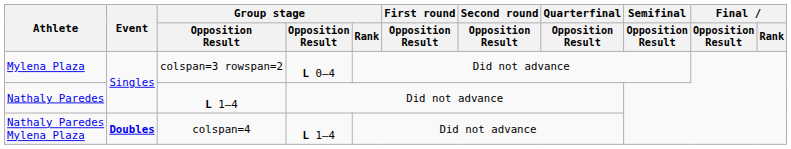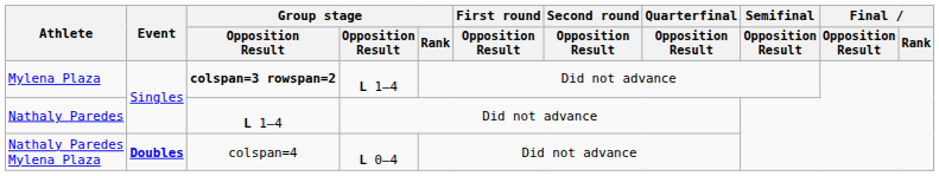 <table class=wikitable style=font-size:90%;text-align:center>
 <tr>
 <th rowspan=2>Athlete</th>
 <th rowspan=2>Event</th>
 <th colspan=3>Group stage</th>
 <th>First round</th>
 <th>Second round</th>
 <th>Quarterfinal</th>
 <th>Semifinal</th>
 <th colspan=2>Final / </th>
 </tr>
 <tr style=font-size:95%>
 <th>Opposition<br>Result</th>
 <th>Opposition<br>Result</th>
 <th>Rank</th>
 <th>Opposition<br>Result</th>
 <th>Opposition<br>Result</th>
 <th>Opposition<br>Result</th>
 <th>Opposition<br>Result</th>
 <th>Opposition<br>Result</th>
 <th>Rank</th>
 </tr>
 <tr>
 <td align=left><a href='#'>Mylena Plaza</a></td>
 <td align=left rowspan=2><a href='#'>Singles</a></td>
-<td>colspan=3 rowspan=2 </td>
-<td><br><strong>L</strong> 0–4</td>
+<td><strong>colspan=3 rowspan=2 </strong></td>
+<td><br><strong>L</strong> 1–4</td>
 <td colspan=5>Did not advance</td>
 </tr>
 <tr>
 <td align=left><a href='#'>Nathaly Paredes</a></td>
 <td><br><strong>L</strong> 1–4</td>
 <td colspan=5>Did not advance</td>
 </tr>
 <tr>
 <td align=left><a href='#'>Nathaly Paredes</a><br><a href='#'>Mylena Plaza</a></td>
 <td align=left><strong><a href='#'>Doubles</a></strong></td>
 <td>colspan=4 </td>
-<td><br><strong>L</strong> 1–4</td>
+<td><br><strong>L</strong> 0–4</td>
 <td colspan=4>Did not advance</td>
 </tr>
 </table>
